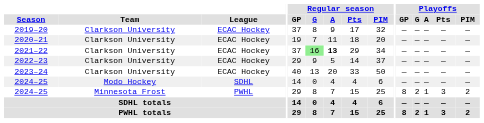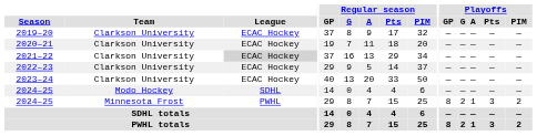 <table border="0" cellpadding="1" cellspacing="0" style="text-align:center; width:60em">
 <tr bgcolor="#e0e0e0">
 <th colspan="3" bgcolor="#ffffff"></th>
 <th rowspan="97" bgcolor="#ffffff"></th>
 <th colspan="5"><a href='#'>Regular season</a></th>
 <th rowspan="97" bgcolor="#ffffff"></th>
 <th colspan="5"><a href='#'>Playoffs</a></th>
 </tr>
 <tr bgcolor="#e0e0e0">
 <th><a href='#'>Season</a></th>
 <th>Team</th>
 <th>League</th>
 <th>GP</th>
 <th><a href='#'>G</a></th>
 <th><a href='#'>A</a></th>
 <th><a href='#'>Pts</a></th>
 <th><a href='#'>PIM</a></th>
 <th>GP</th>
 <th>G</th>
 <th>A</th>
 <th>Pts</th>
 <th>PIM</th>
 </tr>
 <tr>
 <td><a href='#'>2019–20</a></td>
 <td><a href='#'>Clarkson University</a></td>
 <td><a href='#'>ECAC Hockey</a></td>
 <td>37</td>
 <td>8</td>
 <td>9</td>
 <td>17</td>
 <td>32</td>
 <td>—</td>
 <td>—</td>
 <td>—</td>
 <td>—</td>
 <td>—</td>
 </tr>
 <tr bgcolor="#f0f0f0">
 <td><a href='#'>2020–21</a></td>
 <td>Clarkson University</td>
 <td>ECAC Hockey</td>
 <td>19</td>
 <td>7</td>
 <td>11</td>
 <td>18</td>
 <td>20</td>
 <td>—</td>
 <td>—</td>
 <td>—</td>
 <td>—</td>
 <td>—</td>
 </tr>
 <tr>
 <td><a href='#'>2021–22</a></td>
 <td>Clarkson University</td>
-<td>ECAC Hockey</td>
+<td style="background: lightgrey;">ECAC Hockey</td>
 <td>37</td>
-<td style="background: lightgreen;">16</td>
-<td><strong>13</strong></td>
+<td>16</td>
+<td>13</td>
 <td>29</td>
 <td>34</td>
 <td>—</td>
 <td>—</td>
 <td>—</td>
 <td>—</td>
 <td>—</td>
 </tr>
 <tr bgcolor="#f0f0f0">
 <td><a href='#'>2022–23</a></td>
 <td>Clarkson University</td>
 <td>ECAC Hockey</td>
 <td>29</td>
 <td>9</td>
 <td>5</td>
 <td>14</td>
 <td>37</td>
 <td>—</td>
 <td>—</td>
 <td>—</td>
 <td>—</td>
 <td>—</td>
 </tr>
 <tr>
 <td><a href='#'>2023–24</a></td>
 <td>Clarkson University</td>
 <td>ECAC Hockey</td>
 <td>40</td>
 <td>13</td>
 <td>20</td>
 <td>33</td>
 <td>50</td>
 <td>—</td>
 <td>—</td>
 <td>—</td>
 <td>—</td>
 <td>—</td>
 </tr>
 <tr bgcolor="#f0f0f0">
 <td><a href='#'>2024–25</a></td>
 <td><a href='#'>Modo Hockey</a></td>
 <td><a href='#'>SDHL</a></td>
 <td>14</td>
 <td>0</td>
 <td>4</td>
 <td>4</td>
 <td>6</td>
 <td>—</td>
 <td>—</td>
 <td>—</td>
 <td>—</td>
 <td>—</td>
 </tr>
 <tr>
 <td><a href='#'>2024–25</a></td>
 <td><a href='#'>Minnesota Frost</a></td>
 <td><a href='#'>PWHL</a></td>
 <td>29</td>
 <td>8</td>
 <td>7</td>
 <td>15</td>
 <td>25</td>
 <td>8</td>
 <td>2</td>
 <td>1</td>
 <td>3</td>
 <td>2</td>
 </tr>
 <tr bgcolor="#e0e0e0">
 <th colspan="3">SDHL totals</th>
 <th>14</th>
 <th>0</th>
 <th>4</th>
 <th>4</th>
 <th>6</th>
 <th>—</th>
 <th>—</th>
 <th>—</th>
 <th>—</th>
 <th>—</th>
 </tr>
 <tr bgcolor="#e0e0e0">
 <th colspan="3">PWHL totals</th>
 <th>29</th>
 <th>8</th>
 <th>7</th>
 <th>15</th>
 <th>25</th>
 <th>8</th>
 <th>2</th>
 <th>1</th>
 <th>3</th>
 <th>2</th>
 </tr>
 </table>
